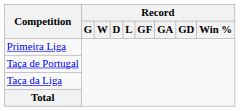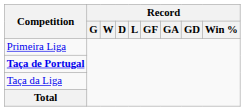 <table class="wikitable" style="text-align: center">
 <tr>
 <th rowspan=2>Competition</th>
 <th colspan=9>Record</th>
 </tr>
 <tr>
 <th>G</th>
 <th>W</th>
 <th>D</th>
 <th>L</th>
 <th>GF</th>
 <th>GA</th>
 <th>GD</th>
 <th>Win %</th>
 </tr>
 <tr>
 <td style="text-align: left"><a href='#'>Primeira Liga</a><br></td>
 </tr>
 <tr>
-<td style="text-align: left"><a href='#'>Taça de Portugal</a><br></td>
+<td style="text-align: left"><strong><a href='#'>Taça de Portugal</a><br></strong></td>
 </tr>
 <tr>
 <td style="text-align: left"><a href='#'>Taça da Liga</a><br></td>
 </tr>
 <tr>
 <th>Total<br></th>
 </tr>
 </table>
